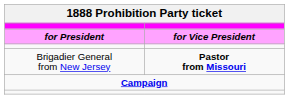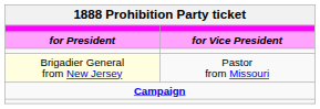 <table class="wikitable" style="font-size:90%; text-align:center;">
 <tr>
 <td style="background:#f1f1f1;" colspan="30"><big><strong>1888 Prohibition Party ticket</strong></big></td>
 </tr>
 <tr>
 <th style="width:3em; font-size:135%; background:#FF00FF; width:200px;"><a href='#'></a></th>
 <th style="width:3em; font-size:135%; background:#FF00FF; width:200px;"><a href='#'></a></th>
 </tr>
 <tr style="color:#000; font-size:100%; background:#ffa3ff;">
 <td style="width:3em; width:200px;"><strong><em>for President</em></strong></td>
 <td style="width:3em; width:200px;"><strong><em>for Vice President</em></strong></td>
 </tr>
 <tr>
 <td></td>
 <td></td>
 </tr>
 <tr>
-<td>Brigadier General<br>from <a href='#'>New Jersey</a></td>
-<td><strong>Pastor<br>from <a href='#'>Missouri</a></strong></td>
+<td style="background: lightyellow;">Brigadier General<br>from <a href='#'>New Jersey</a></td>
+<td>Pastor<br>from <a href='#'>Missouri</a></td>
 </tr>
 <tr>
 <td colspan=2><a href='#'><strong>Campaign</strong></a></td>
 </tr>
 <tr>
 <td colspan=2></td>
 </tr>
 </table>
